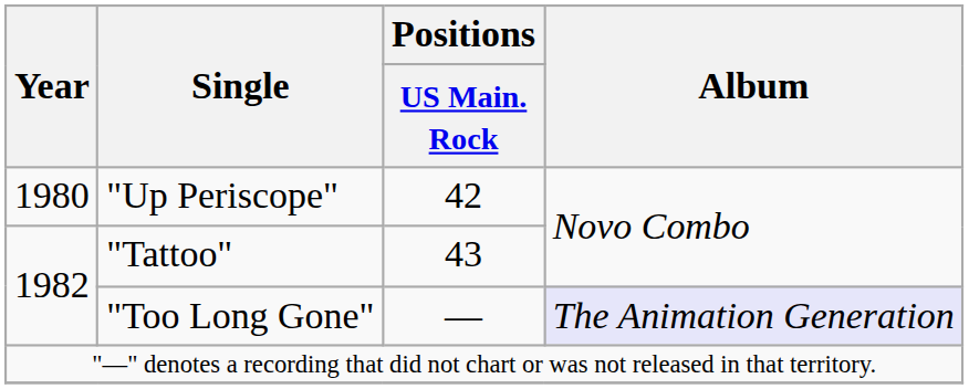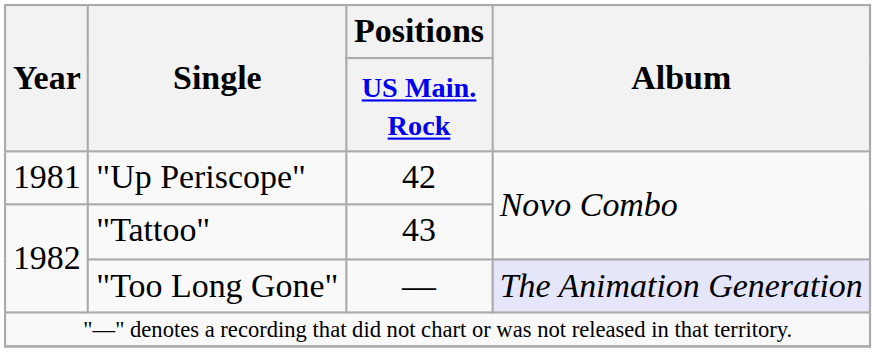 <table class="wikitable">
 <tr>
 <th align="center" rowspan="2">Year</th>
 <th align="center" rowspan="2">Single</th>
 <th align="center" colspan="1">Positions</th>
 <th align="center" rowspan="2">Album</th>
 </tr>
 <tr>
 <th width="40"><small><a href='#'>US Main. Rock</a><br></small></th>
 </tr>
 <tr>
-<td align="center" rowspan="1">1980</td>
+<td align="center" rowspan="1">1981</td>
 <td align="left" valign="top">"Up Periscope"</td>
 <td align="center">42</td>
 <td align="left" rowspan="2"><em>Novo Combo</em></td>
 </tr>
 <tr>
 <td align="center" rowspan="2">1982</td>
 <td align="left">"Tattoo"</td>
 <td align="center" valign="top">43</td>
 </tr>
 <tr>
 <td align="left">"Too Long Gone"</td>
 <td align="center">—</td>
 <td align="left" rowspan="1" style="background: lavender;"><em>The Animation Generation</em></td>
 </tr>
 <tr>
 <td align="center" colspan="16" style="font-size: 8pt">"—" denotes a recording that did not chart or was not released in that territory.</td>
 </tr>
 <tr>
 </tr>
 </table>
